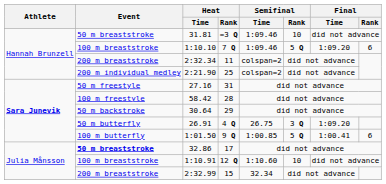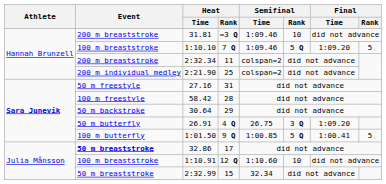 <table class=wikitable style=font-size:90%>
 <tr>
 <th rowspan=2>Athlete</th>
 <th rowspan=2>Event</th>
 <th colspan=2>Heat</th>
 <th colspan=2>Semifinal</th>
 <th colspan=2>Final</th>
 </tr>
 <tr style=font-size:95%>
 <th>Time</th>
 <th>Rank</th>
 <th>Time</th>
 <th>Rank</th>
 <th>Time</th>
 <th>Rank</th>
 </tr>
 <tr align=center>
 <td align=left rowspan=4><a href='#'>Hannah Brunzell</a></td>
-<td align=left><a href='#'>50 m breaststroke</a></td>
+<td align=left><a href='#'>200 m breaststroke</a></td>
 <td>31.81</td>
 <td>=3 <strong>Q</strong></td>
 <td>1:09.46</td>
 <td>10</td>
 <td colspan=2>did not advance</td>
 </tr>
 <tr align=center>
 <td align=left><a href='#'>100 m breaststroke</a></td>
 <td>1:10.10</td>
 <td>7 <strong>Q</strong></td>
 <td>1:09.46</td>
 <td>5 <strong>Q</strong></td>
 <td>1:09.20</td>
-<td>6</td>
+<td>5</td>
 </tr>
 <tr align=center>
 <td align=left><a href='#'>200 m breaststroke</a></td>
 <td>2:32.34</td>
 <td>11</td>
 <td>colspan=2 </td>
 <td colspan=2>did not advance</td>
 </tr>
 <tr align=center>
 <td align=left><a href='#'>200 m individual medley</a></td>
 <td>2:21.90</td>
 <td>25</td>
 <td>colspan=2 </td>
 <td colspan=2>did not advance</td>
 </tr>
 <tr align=center>
 <td align=left rowspan=5><strong><a href='#'>Sara Junevik</a></strong></td>
 <td align=left><a href='#'>50 m freestyle</a></td>
 <td>27.16</td>
 <td>31</td>
 <td colspan=4>did not advance</td>
 </tr>
 <tr align=center>
 <td align=left><a href='#'>100 m freestyle</a></td>
 <td>58.42</td>
 <td>28</td>
 <td colspan=4>did not advance</td>
 </tr>
 <tr align=center>
 <td align=left><a href='#'>50 m backstroke</a></td>
 <td>30.64</td>
 <td>29</td>
 <td colspan=4>did not advance</td>
 </tr>
 <tr align=center>
 <td align=left><a href='#'>50 m butterfly</a></td>
 <td>26.91</td>
 <td>4 <strong>Q</strong></td>
 <td>26.75</td>
 <td>3 <strong>Q</strong></td>
 <td>1:09.20</td>
 <td></td>
 </tr>
 <tr align=center>
 <td align=left><a href='#'>100 m butterfly</a></td>
 <td>1:01.50</td>
 <td>9 <strong>Q</strong></td>
 <td>1:00.85</td>
 <td>5 <strong>Q</strong></td>
 <td>1:00.41</td>
-<td>6</td>
+<td>5</td>
 </tr>
 <tr align=center>
 <td align=left rowspan=3><a href='#'>Julia Månsson</a></td>
 <td align=left><strong><a href='#'>50 m breaststroke</a></strong></td>
 <td>32.86</td>
 <td>17</td>
 <td colspan=4>did not advance</td>
 </tr>
 <tr align=center>
 <td align=left><a href='#'>100 m breaststroke</a></td>
 <td>1:10.91</td>
 <td>12 <strong>Q</strong></td>
 <td>1:10.60</td>
 <td>10</td>
 <td colspan=2>did not advance</td>
 </tr>
 <tr align=center>
-<td align=left><a href='#'>200 m breaststroke</a></td>
+<td align=left><a href='#'>50 m breaststroke</a></td>
 <td>2:32.99</td>
 <td>15</td>
 <td>32.34</td>
 <td colspan=2>did not advance</td>
 </tr>
 </table>
